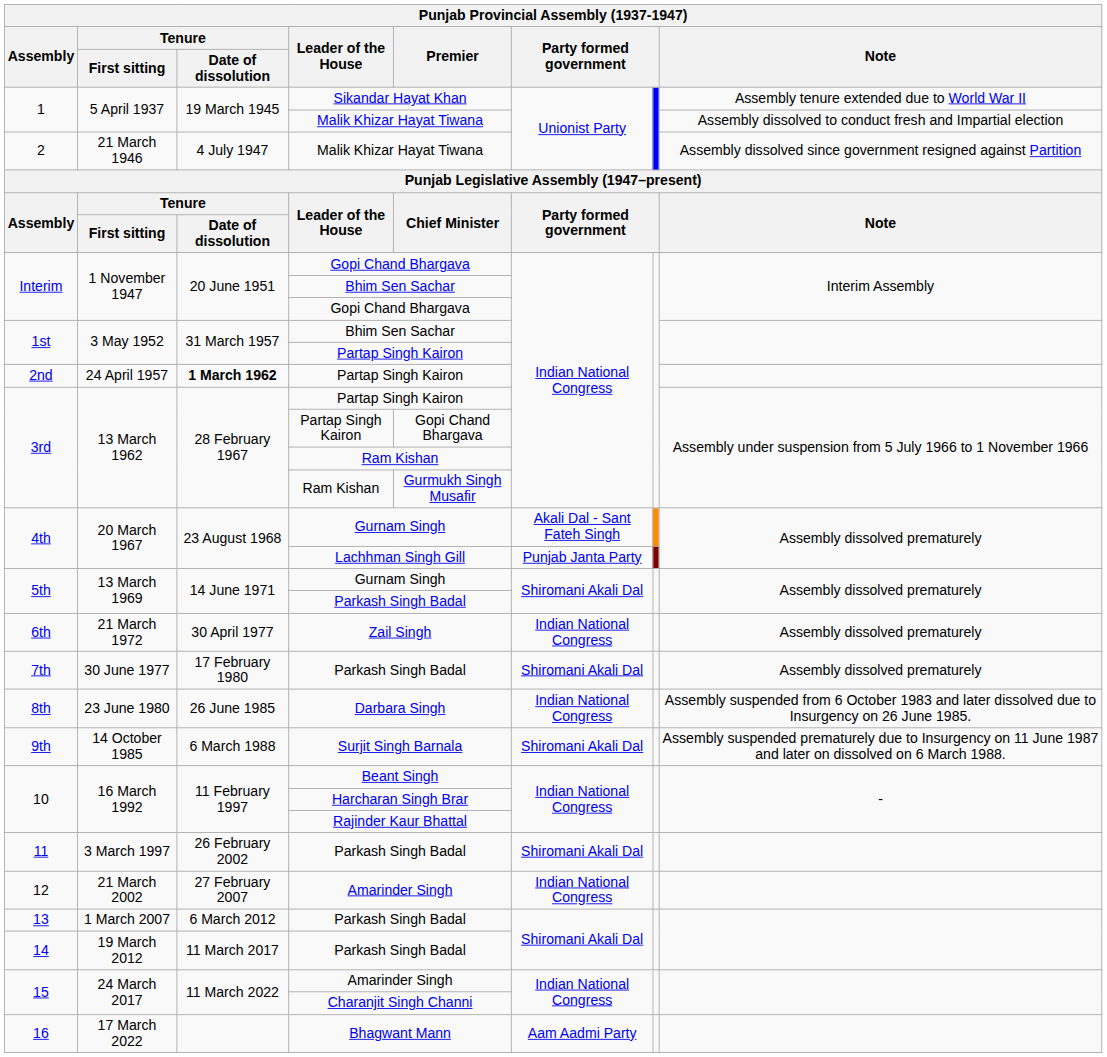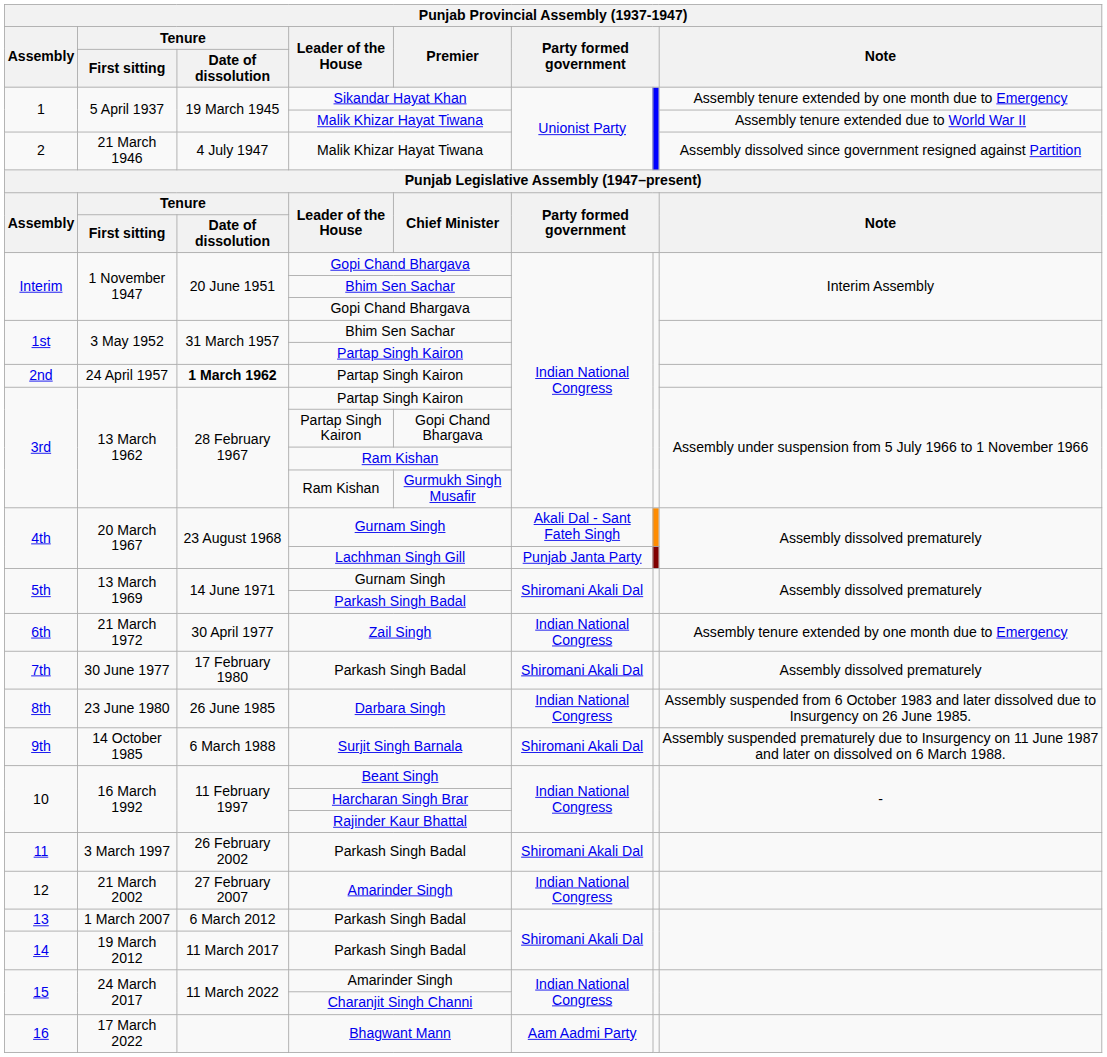 <table class="wikitable" style="text-align:center">
 <tr>
 <th colspan="8">Punjab Provincial Assembly (1937-1947)</th>
 </tr>
 <tr>
 <th rowspan=2>Assembly</th>
 <th colspan=2>Tenure</th>
 <th rowspan=2>Leader of the House</th>
 <th rowspan="2">Premier</th>
 <th rowspan=2 colspan=2>Party formed government</th>
 <th rowspan=2>Note</th>
 </tr>
 <tr>
 <th>First sitting</th>
 <th>Date of dissolution</th>
 </tr>
 <tr>
 <td rowspan="2">1</td>
 <td rowspan="2">5 April 1937</td>
 <td rowspan="2">19 March 1945</td>
 <td colspan=2><a href='#'>Sikandar Hayat Khan</a></td>
 <td rowspan="3"><a href='#'>Unionist Party</a></td>
 <td rowspan="3" style="background:blue;"></td>
-<td>Assembly tenure extended due to <a href='#'>World War II</a></td>
+<td>Assembly tenure extended by one month due to <a href='#'>Emergency</a></td>
 </tr>
 <tr>
 <td colspan=2><a href='#'>Malik Khizar Hayat Tiwana</a></td>
-<td>Assembly dissolved to conduct fresh and Impartial election</td>
+<td>Assembly tenure extended due to <a href='#'>World War II</a></td>
 </tr>
 <tr>
 <td>2</td>
 <td>21 March 1946</td>
 <td>4 July 1947</td>
 <td colspan=2>Malik Khizar Hayat Tiwana</td>
 <td>Assembly dissolved since government resigned against <a href='#'>Partition</a></td>
 </tr>
 <tr>
 <th colspan="8">Punjab Legislative Assembly (1947–present)</th>
 </tr>
 <tr>
 <th rowspan="2">Assembly</th>
 <th colspan="2">Tenure</th>
 <th rowspan="2">Leader of the House</th>
 <th rowspan="2">Chief Minister</th>
 <th colspan="2" rowspan="2">Party formed government</th>
 <th rowspan="2">Note</th>
 </tr>
 <tr>
 <th>First sitting</th>
 <th>Date of dissolution</th>
 </tr>
 <tr>
 <td rowspan="3"><a href='#'>Interim</a></td>
 <td rowspan="3">1 November 1947</td>
 <td rowspan="3">20 June 1951</td>
 <td colspan=2><a href='#'>Gopi Chand Bhargava</a></td>
 <td rowspan="10"><a href='#'>Indian National Congress</a></td>
 <td rowspan="10"></td>
 <td rowspan="3">Interim Assembly</td>
 </tr>
 <tr>
 <td colspan=2><a href='#'>Bhim Sen Sachar</a></td>
 </tr>
 <tr>
 <td colspan=2>Gopi Chand Bhargava</td>
 </tr>
 <tr>
 <td rowspan="2"><a href='#'>1st</a></td>
 <td rowspan="2">3 May 1952</td>
 <td rowspan="2">31 March 1957</td>
 <td colspan=2>Bhim Sen Sachar</td>
 <td rowspan="2"></td>
 </tr>
 <tr>
 <td colspan=2><a href='#'>Partap Singh Kairon</a></td>
 </tr>
 <tr>
 <td><a href='#'>2nd</a></td>
 <td>24 April 1957</td>
 <td><strong>1 March 1962</strong></td>
 <td colspan=2>Partap Singh Kairon</td>
 <td></td>
 </tr>
 <tr>
 <td rowspan="4"><a href='#'>3rd</a></td>
 <td rowspan="4">13 March 1962</td>
 <td rowspan="4">28 February 1967</td>
 <td colspan=2>Partap Singh Kairon</td>
 <td rowspan="4">Assembly under suspension from 5 July 1966 to 1 November 1966</td>
 </tr>
 <tr>
 <td>Partap Singh Kairon</td>
 <td>Gopi Chand Bhargava</td>
 </tr>
 <tr>
 <td colspan=2><a href='#'>Ram Kishan</a></td>
 </tr>
 <tr>
 <td>Ram Kishan</td>
 <td><a href='#'>Gurmukh Singh Musafir</a></td>
 </tr>
 <tr>
 <td rowspan="2"><a href='#'>4th</a></td>
 <td rowspan="2">20 March 1967</td>
 <td rowspan="2">23 August 1968</td>
 <td colspan=2><a href='#'>Gurnam Singh</a></td>
 <td><a href='#'>Akali Dal - Sant Fateh Singh</a></td>
 <td style="background:darkorange;"></td>
 <td rowspan="2">Assembly dissolved prematurely</td>
 </tr>
 <tr>
 <td colspan=2><a href='#'>Lachhman Singh Gill</a></td>
 <td><a href='#'>Punjab Janta Party</a></td>
 <td style="background:maroon;"></td>
 </tr>
 <tr>
 <td rowspan="2"><a href='#'>5th</a></td>
 <td rowspan="2">13 March 1969</td>
 <td rowspan="2">14 June 1971</td>
 <td colspan=2>Gurnam Singh</td>
 <td rowspan="2"><a href='#'>Shiromani Akali Dal</a></td>
 <td rowspan="2"></td>
 <td rowspan="2">Assembly dissolved prematurely</td>
 </tr>
 <tr>
 <td colspan=2><a href='#'>Parkash Singh Badal</a></td>
 </tr>
 <tr>
 <td><a href='#'>6th</a></td>
 <td>21 March 1972</td>
 <td>30 April 1977</td>
 <td colspan=2><a href='#'>Zail Singh</a></td>
 <td><a href='#'>Indian National Congress</a></td>
 <td></td>
-<td>Assembly dissolved prematurely</td>
+<td>Assembly tenure extended by one month due to <a href='#'>Emergency</a></td>
 </tr>
 <tr>
 <td><a href='#'>7th</a></td>
 <td>30 June 1977</td>
 <td>17 February 1980</td>
 <td colspan=2>Parkash Singh Badal</td>
 <td><a href='#'>Shiromani Akali Dal</a></td>
 <td></td>
 <td>Assembly dissolved prematurely</td>
 </tr>
 <tr>
 <td><a href='#'>8th</a></td>
 <td>23 June 1980</td>
 <td>26 June 1985</td>
 <td colspan=2><a href='#'>Darbara Singh</a></td>
 <td><a href='#'>Indian National Congress</a></td>
 <td></td>
 <td>Assembly suspended from 6 October 1983 and later dissolved due to Insurgency on 26 June 1985.</td>
 </tr>
 <tr>
 <td><a href='#'>9th</a></td>
 <td>14 October 1985</td>
 <td>6 March 1988</td>
 <td colspan=2><a href='#'>Surjit Singh Barnala</a></td>
 <td><a href='#'>Shiromani Akali Dal</a></td>
 <td></td>
 <td>Assembly suspended prematurely due to Insurgency on 11 June 1987 and later on dissolved on 6 March 1988.</td>
 </tr>
 <tr>
 <td rowspan="3">10</td>
 <td rowspan="3">16 March 1992</td>
 <td rowspan="3">11 February 1997</td>
 <td colspan=2><a href='#'>Beant Singh</a></td>
 <td rowspan="3"><a href='#'>Indian National Congress</a></td>
 <td rowspan="3"></td>
 <td rowspan="3">-</td>
 </tr>
 <tr>
 <td colspan=2><a href='#'>Harcharan Singh Brar</a></td>
 </tr>
 <tr>
 <td colspan=2><a href='#'>Rajinder Kaur Bhattal</a></td>
 </tr>
 <tr>
 <td><a href='#'>11</a></td>
 <td>3 March 1997</td>
 <td>26 February 2002</td>
 <td colspan=2>Parkash Singh Badal</td>
 <td><a href='#'>Shiromani Akali Dal</a></td>
 <td></td>
 <td></td>
 </tr>
 <tr>
 <td>12</td>
 <td>21 March 2002</td>
 <td>27 February 2007</td>
 <td colspan=2><a href='#'>Amarinder Singh</a></td>
 <td><a href='#'>Indian National Congress</a></td>
 <td></td>
 <td></td>
 </tr>
 <tr>
 <td><a href='#'>13</a></td>
 <td>1 March 2007</td>
 <td>6 March 2012</td>
 <td colspan=2>Parkash Singh Badal</td>
 <td rowspan="2"><a href='#'>Shiromani Akali Dal</a></td>
 <td rowspan="2"></td>
 <td rowspan="2"></td>
 </tr>
 <tr>
 <td><a href='#'>14</a></td>
 <td>19 March 2012</td>
 <td>11 March 2017</td>
 <td colspan=2>Parkash Singh Badal</td>
 </tr>
 <tr>
 <td rowspan="2"><a href='#'>15</a></td>
 <td rowspan="2">24 March 2017</td>
 <td rowspan="2">11 March 2022</td>
 <td colspan=2>Amarinder Singh</td>
 <td rowspan="2"><a href='#'>Indian National Congress</a></td>
 <td rowspan="2"></td>
 <td rowspan="2"></td>
 </tr>
 <tr>
 <td colspan=2><a href='#'>Charanjit Singh Channi</a></td>
 </tr>
 <tr>
 <td><a href='#'>16</a></td>
 <td>17 March 2022</td>
 <td></td>
 <td colspan=2><a href='#'>Bhagwant Mann</a></td>
 <td><a href='#'>Aam Aadmi Party</a></td>
 <td bgcolor=></td>
 <td></td>
 </tr>
 </table>
